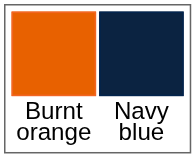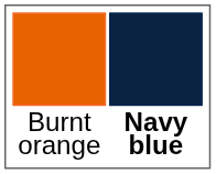 <table style="float:center; border:1px solid #666; padding:2px;">
 <tr>
 <td style="background:#E86100; width:50px; height:50px; padding:2px; border:1px solid #F26522;"> </td>
 <td style="background:#0B2341; width:50px; height:50px; padding:2px; border:1px solid #03244d;"> </td>
 </tr>
 <tr style="line-height:90%; text-align:center;">
 <td>Burnt orange</td>
-<td>Navy blue</td>
+<td><strong>Navy blue</strong></td>
 </tr>
 </table>
